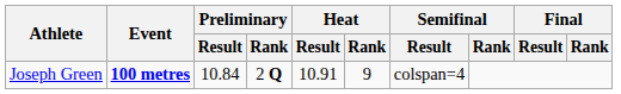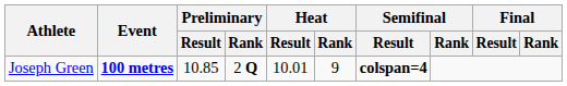 <table class="wikitable" style="font-size:90%">
 <tr>
 <th rowspan="2">Athlete</th>
 <th rowspan="2">Event</th>
 <th colspan="2">Preliminary</th>
 <th colspan="2">Heat</th>
 <th colspan="2">Semifinal</th>
 <th colspan="2">Final</th>
 </tr>
 <tr style="font-size:95%">
 <th>Result</th>
 <th>Rank</th>
 <th>Result</th>
 <th>Rank</th>
 <th>Result</th>
 <th>Rank</th>
 <th>Result</th>
 <th>Rank</th>
 </tr>
 <tr align=center>
 <td align=left><a href='#'>Joseph Green</a></td>
 <td align=left><strong><a href='#'>100 metres</a></strong></td>
-<td>10.84 </td>
+<td>10.85 </td>
 <td>2 <strong>Q</strong></td>
-<td>10.91</td>
+<td>10.01</td>
 <td>9</td>
-<td>colspan=4 </td>
+<td><strong>colspan=4 </strong></td>
 </tr>
 </table>
